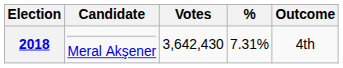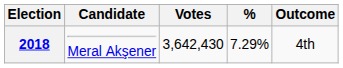 <table class="wikitable" style="text-align: center; border:none">
 <tr>
 </tr>
 <tr>
 <th>Election</th>
 <th>Candidate</th>
 <th>Votes</th>
 <th>%</th>
 <th>Outcome</th>
 </tr>
 <tr>
 <th><strong><a href='#'>2018</a></strong></th>
 <td><hr><a href='#'>Meral&nbsp;Akşener</a></td>
 <td>3,642,430</td>
-<td>7.31%</td>
+<td>7.29%</td>
 <td>4th</td>
 </tr>
 </table>
